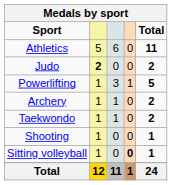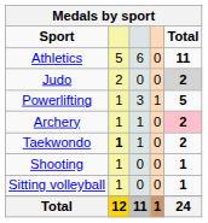 <table class="wikitable" style="font-size:85%">
 <tr style="background:#efefef;">
 <th colspan=5>Medals by sport</th>
 </tr>
 <tr style="text-align:center;">
 <td><strong>Sport</strong></td>
 <td bgcolor=#f7f6a8></td>
 <td bgcolor=#dce5e5></td>
 <td bgcolor=#ffdab9></td>
 <td><strong>Total</strong></td>
 </tr>
 <tr style="text-align:center;">
 <td><a href='#'>Athletics</a></td>
 <td style="background:#F7F6A8;">5</td>
 <td style="background:#DCE5E5;">6</td>
 <td style="background:#FFDAB9;">0</td>
 <td><strong>11</strong></td>
 </tr>
 <tr style="text-align:center;">
 <td><a href='#'>Judo</a></td>
-<td style="background:#F7F6A8;"><strong>2</strong></td>
+<td style="background:#F7F6A8;">2</td>
 <td style="background:#DCE5E5;">0</td>
 <td style="background:#FFDAB9;">0</td>
-<td><strong>2</strong></td>
+<td style="background: lightgrey;"><strong>2</strong></td>
 </tr>
 <tr style="text-align:center;">
 <td><a href='#'>Powerlifting</a></td>
 <td style="background:#F7F6A8;">1</td>
 <td style="background:#DCE5E5;">3</td>
 <td style="background:#FFDAB9;">1</td>
 <td><strong>5</strong></td>
 </tr>
 <tr style="text-align:center;">
 <td><a href='#'>Archery</a></td>
 <td style="background:#F7F6A8;">1</td>
 <td style="background:#DCE5E5;">1</td>
 <td style="background:#FFDAB9;">0</td>
-<td><strong>2</strong></td>
+<td style="background: pink;"><strong>2</strong></td>
 </tr>
 <tr style="text-align:center;">
 <td><a href='#'>Taekwondo</a></td>
-<td style="background:#F7F6A8;">1</td>
+<td style="background:#F7F6A8;"><strong>1</strong></td>
 <td style="background:#DCE5E5;">1</td>
 <td style="background:#FFDAB9;">0</td>
 <td><strong>2</strong></td>
 </tr>
 <tr style="text-align:center;">
 <td><a href='#'>Shooting</a></td>
 <td style="background:#F7F6A8;">1</td>
 <td style="background:#DCE5E5;">0</td>
 <td style="background:#FFDAB9;">0</td>
 <td><strong>1</strong></td>
 </tr>
 <tr style="text-align:center;">
 <td><a href='#'>Sitting volleyball</a></td>
 <td style="background:#F7F6A8;">1</td>
 <td style="background:#DCE5E5;">0</td>
-<td style="background:#FFDAB9;"><strong>0</strong></td>
+<td style="background:#FFDAB9;">0</td>
 <td><strong>1</strong></td>
 </tr>
 <tr>
 </tr>
 <tr style="text-align:center;">
 <th>Total</th>
 <th style="background:gold;">12</th>
 <th style="background:silver;">11</th>
 <th style="background:#c96;">1</th>
 <th>24</th>
 </tr>
 </table>
